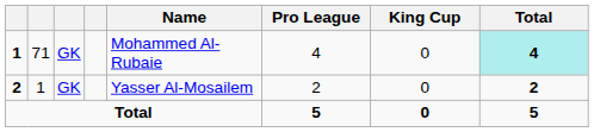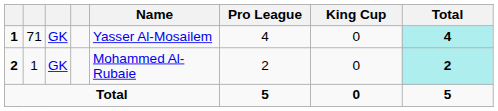 <table class="wikitable" style="text-align:center">
 <tr>
 <th width=15></th>
 <th width=15></th>
 <th width=15></th>
 <th width=15></th>
 <th width=145>Name</th>
 <th width=100>Pro League</th>
 <th width=100>King Cup</th>
 <th width=100>Total</th>
 </tr>
 <tr>
 <td><strong>1</strong></td>
 <td>71</td>
 <td><a href='#'>GK</a></td>
 <td></td>
-<td align=left><a href='#'>Mohammed Al-Rubaie</a></td>
+<td align=left><a href='#'>Yasser Al-Mosailem</a></td>
 <td>4</td>
 <td>0</td>
 <td style="background: paleturquoise;"><strong>4</strong></td>
 </tr>
 <tr>
 <td><strong>2</strong></td>
 <td>1</td>
 <td><a href='#'>GK</a></td>
 <td></td>
-<td align=left><a href='#'>Yasser Al-Mosailem</a></td>
+<td align=left><a href='#'>Mohammed Al-Rubaie</a></td>
 <td>2</td>
 <td>0</td>
-<td><strong>2</strong></td>
+<td style="background: paleturquoise;"><strong>2</strong></td>
 </tr>
 <tr>
 <td colspan=5><strong>Total</strong></td>
 <td><strong>5</strong></td>
 <td><strong>0</strong></td>
 <td><strong>5</strong></td>
 </tr>
 </table>
